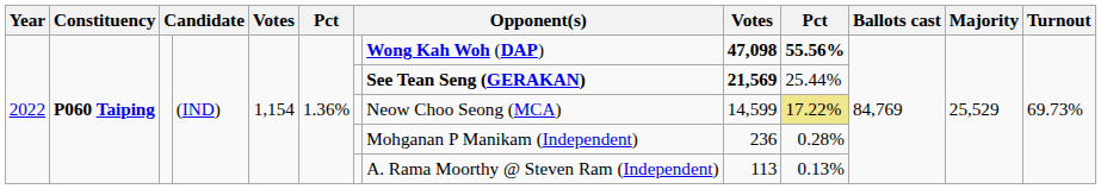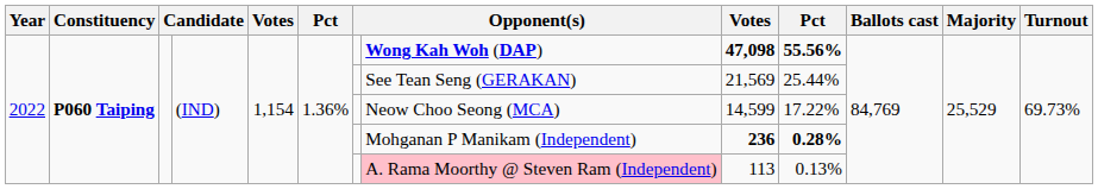 <table class="wikitable" style="margin:0.5em ; font-size:95%">
 <tr>
 <th>Year</th>
 <th>Constituency</th>
 <th colspan=2>Candidate</th>
 <th>Votes</th>
 <th>Pct</th>
 <th colspan=2>Opponent(s)</th>
 <th>Votes</th>
 <th>Pct</th>
 <th>Ballots cast</th>
 <th>Majority</th>
 <th>Turnout</th>
 </tr>
 <tr>
 <td rowspan=5><a href='#'>2022</a></td>
 <td rowspan=5><strong>P060 <a href='#'>Taiping</a></strong></td>
 <td rowspan=5 ></td>
 <td rowspan=5> (<a href='#'>IND</a>)</td>
 <td rowspan=5 style="text-align:right;">1,154</td>
 <td rowspan=5>1.36%</td>
 <td></td>
 <td><strong><a href='#'>Wong Kah Woh</a></strong> (<a href='#'><strong>DAP</strong></a>)</td>
 <td style="text-align:right;"><strong>47,098</strong></td>
 <td><strong>55.56%</strong></td>
 <td rowspan=5>84,769</td>
 <td rowspan=5>25,529</td>
 <td rowspan=5>69.73%</td>
 </tr>
 <tr>
 <td bgcolor=></td>
-<td><strong>See Tean Seng (<a href='#'>GERAKAN</a>)</strong></td>
-<td style="text-align:right;"><strong>21,569</strong></td>
+<td>See Tean Seng (<a href='#'>GERAKAN</a>)</td>
+<td style="text-align:right;">21,569</td>
 <td>25.44%</td>
 </tr>
 <tr>
 <td></td>
 <td>Neow Choo Seong (<a href='#'>MCA</a>)</td>
 <td style="text-align:right;">14,599</td>
-<td style="background: khaki;">17.22%</td>
+<td>17.22%</td>
 </tr>
 <tr>
 <td></td>
 <td>Mohganan P Manikam  (<a href='#'>Independent</a>)</td>
-<td style="text-align:right;">236</td>
-<td style="text-align:right;">0.28%</td>
+<td style="text-align:right;"><strong>236</strong></td>
+<td style="text-align:right;"><strong>0.28%</strong></td>
 </tr>
 <tr>
 <td></td>
-<td>A. Rama Moorthy @ Steven Ram  (<a href='#'>Independent</a>)</td>
+<td style="background: pink;">A. Rama Moorthy @ Steven Ram  (<a href='#'>Independent</a>)</td>
 <td style="text-align:right;">113</td>
 <td style="text-align:right;">0.13%</td>
 </tr>
 <tr>
 </tr>
 </table>
